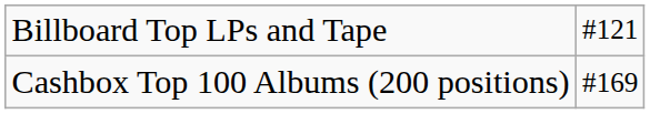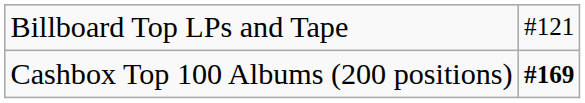 <table class="wikitable">
 <tr>
 <td><big>Billboard Top LPs and Tape</big></td>
 <td>#121</td>
 </tr>
 <tr>
 <td><big>Cashbox Top 100 Albums (200 positions)</big></td>
-<td>#169</td>
+<td><strong>#169</strong></td>
 </tr>
 </table>
